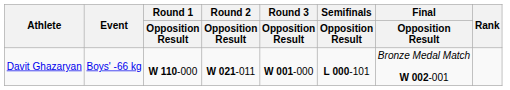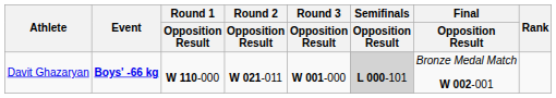 <table class="wikitable" border="1" style="font-size:90%">
 <tr>
 <th rowspan=2>Athlete</th>
 <th rowspan=2>Event</th>
 <th>Round 1</th>
 <th>Round 2</th>
 <th>Round 3</th>
 <th>Semifinals</th>
 <th>Final</th>
 <th rowspan=2>Rank</th>
 </tr>
 <tr>
 <th>Opposition<br>Result</th>
 <th>Opposition<br>Result</th>
 <th>Opposition<br>Result</th>
 <th>Opposition<br>Result</th>
 <th>Opposition<br>Result</th>
 </tr>
 <tr>
 <td><a href='#'>Davit Ghazaryan</a></td>
-<td><a href='#'>Boys' -66 kg</a></td>
+<td><strong><a href='#'>Boys' -66 kg</a></strong></td>
 <td align=center> <br> <strong>W</strong> <strong>110</strong>-000</td>
 <td align=center> <br> <strong>W</strong> <strong>021</strong>-011</td>
 <td align=center> <br> <strong>W</strong> <strong>001</strong>-000</td>
-<td align=center> <br> <strong>L</strong> <strong>000</strong>-101</td>
+<td align=center style="background: lightgrey;"> <br> <strong>L</strong> <strong>000</strong>-101</td>
 <td align=center><em>Bronze Medal Match</em><br> <br> <strong>W</strong> <strong>002</strong>-001</td>
 <td align=center></td>
 </tr>
 </table>
